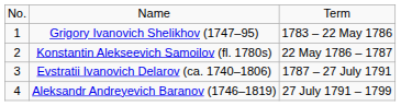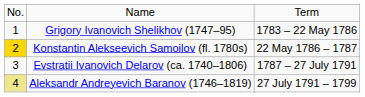 <table class="wikitable" style="text-align:center;">
 <tr>
 <td>No.</td>
 <td>Name</td>
 <td>Term</td>
 </tr>
 <tr>
 <td>1</td>
 <td><a href='#'>Grigory Ivanovich Shelikhov</a> (1747–95)</td>
 <td>1783 – 22 May 1786</td>
 </tr>
 <tr>
-<td>2</td>
+<td style="background: gold;">2</td>
 <td><a href='#'>Konstantin Alekseevich Samoilov</a> (fl. 1780s)</td>
 <td>22 May 1786 – 1787</td>
 </tr>
 <tr>
 <td>3</td>
 <td><a href='#'>Evstratii Ivanovich Delarov</a> (ca. 1740–1806)</td>
 <td>1787 – 27 July 1791</td>
 </tr>
 <tr>
-<td>4</td>
+<td style="background: khaki;">4</td>
 <td><a href='#'>Aleksandr Andreyevich Baranov</a> (1746–1819)</td>
 <td>27 July 1791 – 1799</td>
 </tr>
 </table>
